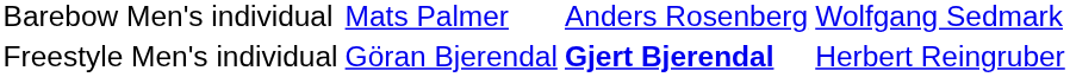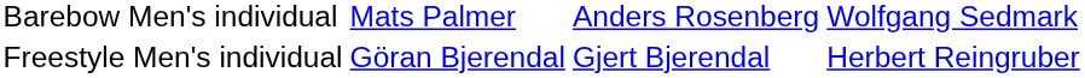 <table>
 <tr>
 <td>Barebow Men's individual<br></td>
 <td> <a href='#'>Mats Palmer</a></td>
 <td> <a href='#'>Anders Rosenberg</a></td>
 <td> <a href='#'>Wolfgang Sedmark</a></td>
 </tr>
 <tr>
 <td>Freestyle Men's individual<br></td>
 <td> <a href='#'>Göran Bjerendal</a></td>
-<td><strong> <a href='#'>Gjert Bjerendal</a></strong></td>
+<td> <a href='#'>Gjert Bjerendal</a></td>
 <td> <a href='#'>Herbert Reingruber</a></td>
 </tr>
 </table>
